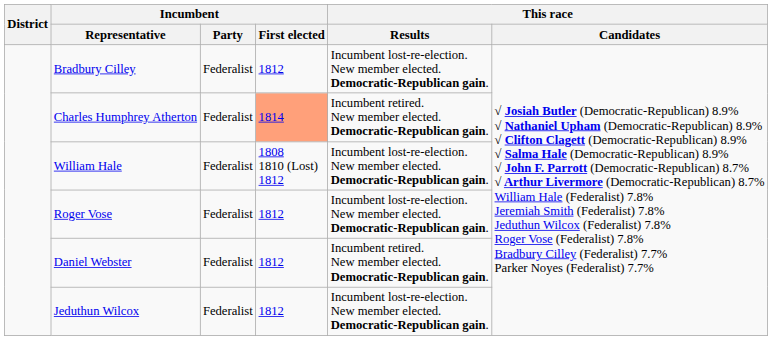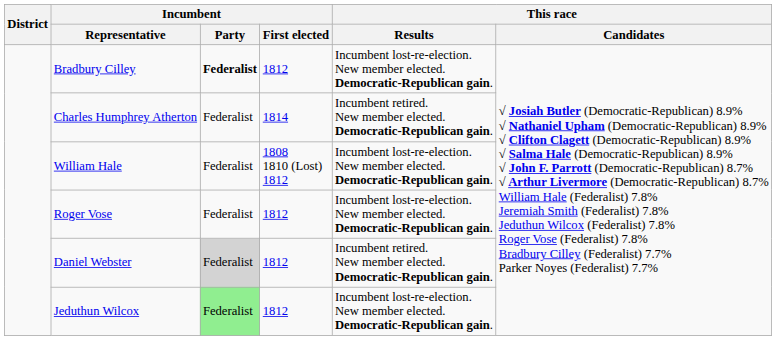 <table class=wikitable>
 <tr>
 <th rowspan=2>District</th>
 <th colspan=3>Incumbent</th>
 <th colspan=2>This race</th>
 </tr>
 <tr>
 <th>Representative</th>
 <th>Party</th>
 <th>First elected</th>
 <th>Results</th>
 <th>Candidates</th>
 </tr>
 <tr>
 <td rowspan=6><br></td>
 <td><a href='#'>Bradbury Cilley</a></td>
-<td>Federalist</td>
+<td><strong>Federalist</strong></td>
 <td><a href='#'>1812</a></td>
 <td>Incumbent lost-re-election.<br>New member elected.<br><strong>Democratic-Republican gain</strong>.</td>
 <td rowspan=6 nowrap><strong>√ <a href='#'>Josiah Butler</a></strong> (Democratic-Republican) 8.9%<br><strong>√ <a href='#'>Nathaniel Upham</a></strong> (Democratic-Republican) 8.9%<br><strong>√ <a href='#'>Clifton Clagett</a></strong> (Democratic-Republican) 8.9%<br><strong>√ <a href='#'>Salma Hale</a></strong> (Democratic-Republican) 8.9%<br><strong>√ <a href='#'>John F. Parrott</a></strong> (Democratic-Republican) 8.7%<br><strong>√ <a href='#'>Arthur Livermore</a></strong> (Democratic-Republican) 8.7%<br><a href='#'>William Hale</a> (Federalist) 7.8%<br><a href='#'>Jeremiah Smith</a> (Federalist) 7.8%<br><a href='#'>Jeduthun Wilcox</a> (Federalist) 7.8%<br><a href='#'>Roger Vose</a> (Federalist) 7.8%<br><a href='#'>Bradbury Cilley</a> (Federalist) 7.7%<br>Parker Noyes (Federalist) 7.7%</td>
 </tr>
 <tr>
 <td><a href='#'>Charles Humphrey Atherton</a></td>
 <td>Federalist</td>
-<td style="background: lightsalmon;"><a href='#'>1814</a></td>
+<td><a href='#'>1814</a></td>
 <td>Incumbent retired.<br>New member elected.<br><strong>Democratic-Republican gain</strong>.</td>
 </tr>
 <tr>
 <td><a href='#'>William Hale</a></td>
 <td>Federalist</td>
 <td><a href='#'>1808</a><br>1810 (Lost)<br><a href='#'>1812</a></td>
 <td>Incumbent lost-re-election.<br>New member elected.<br><strong>Democratic-Republican gain</strong>.</td>
 </tr>
 <tr>
 <td><a href='#'>Roger Vose</a></td>
 <td>Federalist</td>
 <td><a href='#'>1812</a></td>
 <td>Incumbent lost-re-election.<br>New member elected.<br><strong>Democratic-Republican gain</strong>.</td>
 </tr>
 <tr>
 <td><a href='#'>Daniel Webster</a></td>
-<td>Federalist</td>
+<td style="background: lightgrey;">Federalist</td>
 <td><a href='#'>1812</a></td>
 <td>Incumbent retired.<br>New member elected.<br><strong>Democratic-Republican gain</strong>.</td>
 </tr>
 <tr>
 <td><a href='#'>Jeduthun Wilcox</a></td>
-<td>Federalist</td>
+<td style="background: lightgreen;">Federalist</td>
 <td><a href='#'>1812</a></td>
 <td>Incumbent lost-re-election.<br>New member elected.<br><strong>Democratic-Republican gain</strong>.</td>
 </tr>
 </table>
